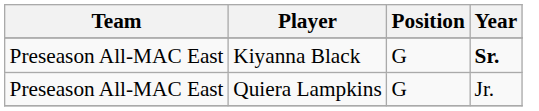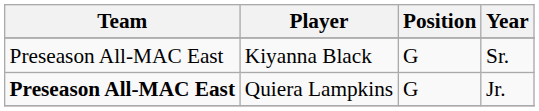 <table class="wikitable" border="1">
 <tr align=center>
 <th style= >Team</th>
 <th style= >Player</th>
 <th style= >Position</th>
 <th style= >Year</th>
 </tr>
 <tr align="center">
 </tr>
 <tr>
 <td>Preseason All-MAC East</td>
 <td>Kiyanna Black</td>
 <td>G</td>
-<td><strong>Sr.</strong></td>
+<td>Sr.</td>
 </tr>
 <tr>
-<td>Preseason All-MAC East</td>
+<td><strong>Preseason All-MAC East</strong></td>
 <td>Quiera Lampkins</td>
 <td>G</td>
 <td>Jr.</td>
 </tr>
 <tr>
 </tr>
 </table>
